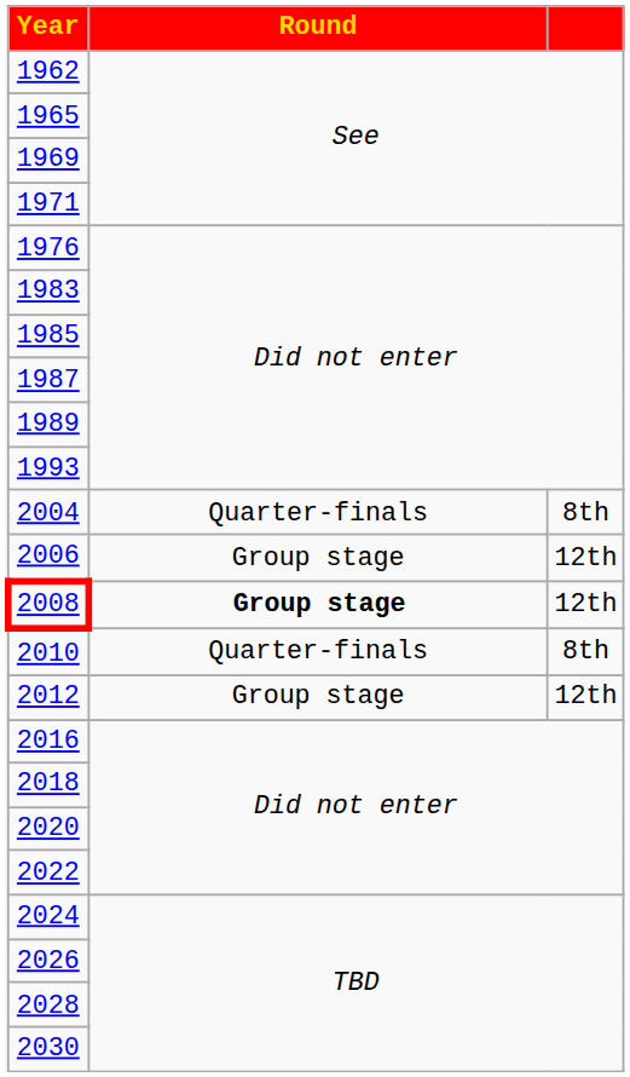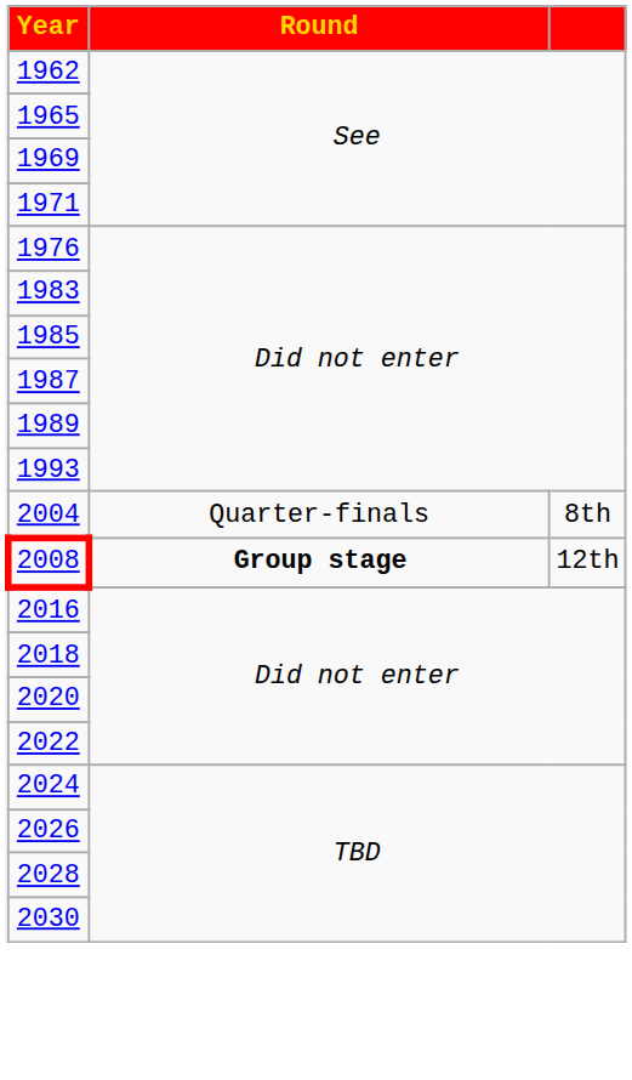 <table class="wikitable" style="text-align: center; font-size:90%">
 <tr style="color:gold;">
 <th style="background:#FF0000;">Year</th>
 <th style="background:#FF0000; width:200px">Round</th>
 <th style="background:#FF0000;"></th>
 </tr>
 <tr>
 <td><a href='#'>1962</a></td>
 <td colspan="2" rowspan="4"><em>See </em></td>
 </tr>
 <tr>
 <td><a href='#'>1965</a></td>
 </tr>
 <tr>
 <td><a href='#'>1969</a></td>
 </tr>
 <tr>
 <td><a href='#'>1971</a></td>
 </tr>
 <tr>
 <td><a href='#'>1976</a></td>
 <td colspan="2" rowspan="6"><em>Did not enter</em></td>
 </tr>
 <tr>
 <td><a href='#'>1983</a></td>
 </tr>
 <tr>
 <td><a href='#'>1985</a></td>
 </tr>
 <tr>
 <td><a href='#'>1987</a></td>
 </tr>
 <tr>
 <td><a href='#'>1989</a></td>
 </tr>
 <tr>
 <td><a href='#'>1993</a></td>
 </tr>
 <tr>
 <td><a href='#'>2004</a></td>
 <td>Quarter-finals</td>
 <td>8th</td>
 </tr>
 <tr>
-<td><a href='#'>2006</a></td>
-<td>Group stage</td>
-<td>12th</td>
-</tr>
-<tr>
 <td style="border: 3px solid red"><a href='#'>2008</a></td>
 <td><strong>Group stage</strong></td>
-<td>12th</td>
-</tr>
-<tr>
-<td><a href='#'>2010</a></td>
-<td>Quarter-finals</td>
-<td>8th</td>
-</tr>
-<tr>
-<td><a href='#'>2012</a></td>
-<td>Group stage</td>
 <td>12th</td>
 </tr>
 <tr>
 <td><a href='#'>2016</a></td>
 <td colspan="2" rowspan="4"><em>Did not enter</em></td>
 </tr>
 <tr>
 <td><a href='#'>2018</a></td>
 </tr>
 <tr>
 <td><a href='#'>2020</a></td>
 </tr>
 <tr>
 <td><a href='#'>2022</a></td>
 </tr>
 <tr>
 <td><a href='#'>2024</a></td>
 <td colspan="2" rowspan="4"><em>TBD</em></td>
 </tr>
 <tr>
 <td><a href='#'>2026</a></td>
 </tr>
 <tr>
 <td><a href='#'>2028</a></td>
 </tr>
 <tr>
 <td><a href='#'>2030</a></td>
 </tr>
 </table>
